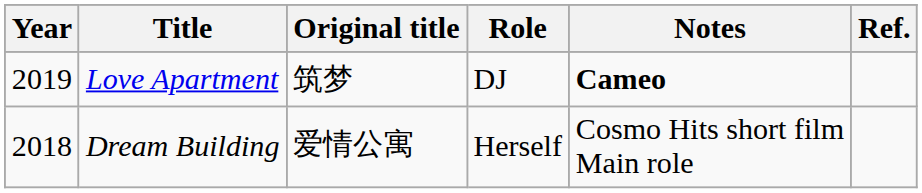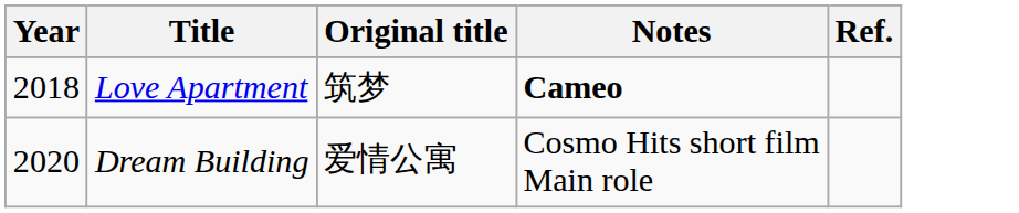 <table class="wikitable">
 <tr>
 <th>Year</th>
 <th>Title</th>
 <th>Original title</th>
-<th>Role</th>
 <th>Notes</th>
 <th>Ref.</th>
 </tr>
 <tr>
-<td>2019</td>
+<td>2018</td>
 <td><em><a href='#'>Love Apartment</a></em></td>
 <td>筑梦</td>
-<td>DJ</td>
 <td><strong>Cameo</strong></td>
 <td></td>
 </tr>
 <tr>
-<td>2018</td>
+<td>2020</td>
 <td><em>Dream Building</em></td>
 <td>爱情公寓</td>
-<td>Herself</td>
 <td>Cosmo Hits short film<br>Main role</td>
 <td></td>
 </tr>
 </table>
